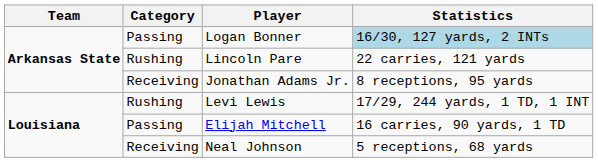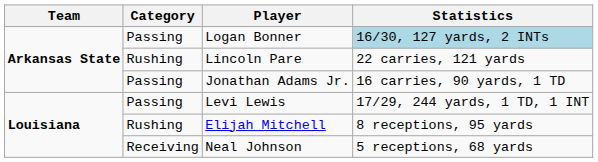 <table class="wikitable" style="float: left;">
 <tr>
 <th>Team</th>
 <th>Category</th>
 <th>Player</th>
 <th>Statistics</th>
 </tr>
 <tr>
 <td rowspan=3><strong>Arkansas State</strong></td>
 <td>Passing</td>
 <td>Logan Bonner</td>
 <td style="background: lightblue;">16/30, 127 yards, 2 INTs</td>
 </tr>
 <tr>
 <td>Rushing</td>
 <td>Lincoln Pare</td>
 <td>22 carries, 121 yards</td>
 </tr>
 <tr>
-<td>Receiving</td>
+<td>Passing</td>
 <td>Jonathan Adams Jr.</td>
-<td>8 receptions, 95 yards</td>
+<td>16 carries, 90 yards, 1 TD</td>
 </tr>
 <tr>
 <td rowspan=3><strong>Louisiana</strong></td>
-<td>Rushing</td>
+<td>Passing</td>
 <td>Levi Lewis</td>
 <td>17/29, 244 yards, 1 TD, 1 INT</td>
 </tr>
 <tr>
-<td>Passing</td>
+<td>Rushing</td>
 <td><a href='#'>Elijah Mitchell</a></td>
-<td>16 carries, 90 yards, 1 TD</td>
+<td>8 receptions, 95 yards</td>
 </tr>
 <tr>
 <td>Receiving</td>
 <td>Neal Johnson</td>
 <td>5 receptions, 68 yards</td>
 </tr>
 </table>
